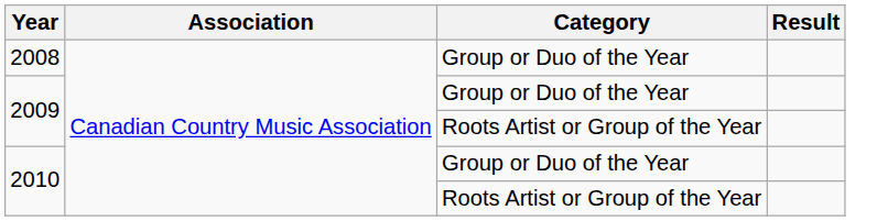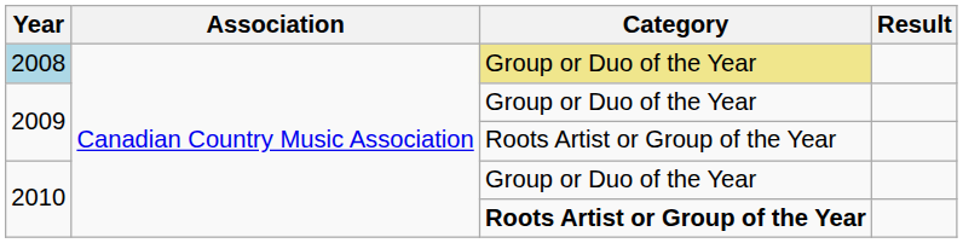 <table class="wikitable">
 <tr>
 <th>Year</th>
 <th>Association</th>
 <th>Category</th>
 <th>Result</th>
 </tr>
 <tr>
-<td>2008</td>
+<td style="background: lightblue;">2008</td>
 <td rowspan="5"><a href='#'>Canadian Country Music Association</a></td>
-<td>Group or Duo of the Year</td>
+<td style="background: khaki;">Group or Duo of the Year</td>
 <td></td>
 </tr>
 <tr>
 <td rowspan="2">2009</td>
 <td>Group or Duo of the Year</td>
 <td></td>
 </tr>
 <tr>
 <td>Roots Artist or Group of the Year</td>
 <td></td>
 </tr>
 <tr>
 <td rowspan="2">2010</td>
 <td>Group or Duo of the Year</td>
 <td></td>
 </tr>
 <tr>
-<td>Roots Artist or Group of the Year</td>
+<td><strong>Roots Artist or Group of the Year</strong></td>
 <td></td>
 </tr>
 </table>
